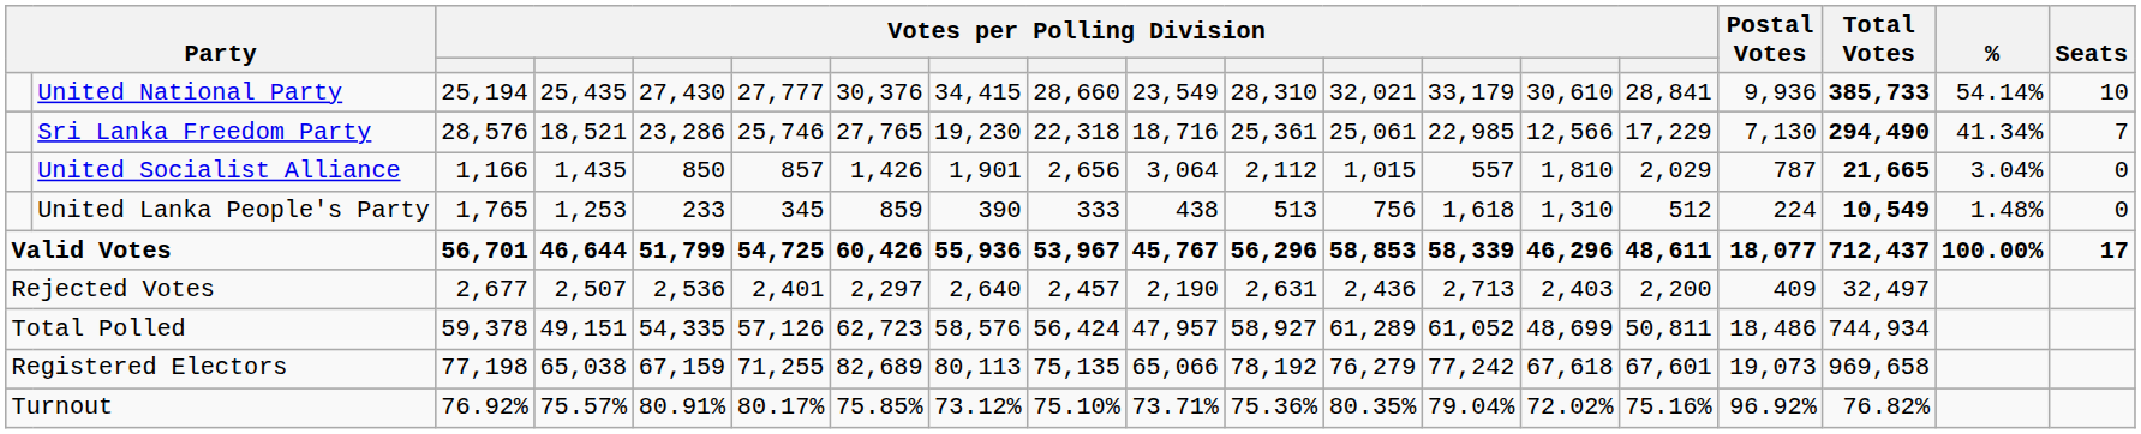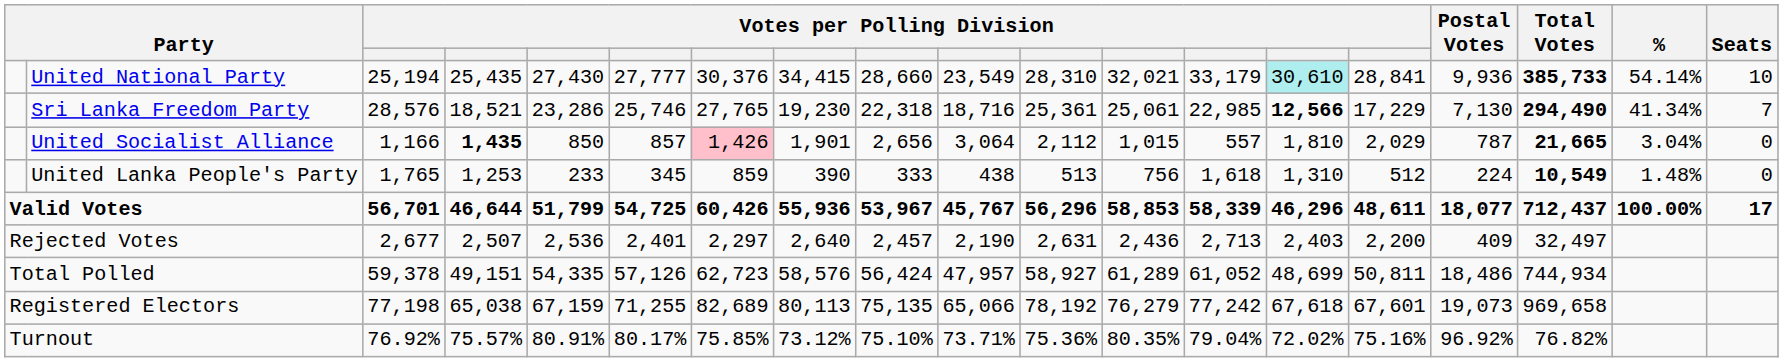 <table class="wikitable" border="1" style="text-align:right;">
 <tr>
 <th align=left valign=bottom rowspan=2 colspan=2 width="180">Party</th>
 <th colspan=13>Votes per Polling Division</th>
 <th align=center valign=bottom rowspan=2 width="50">Postal<br>Votes</th>
 <th align=center valign=bottom rowspan=2 width="50">Total Votes</th>
 <th align=center valign=bottom rowspan=2 width="50">%</th>
 <th align=center valign=bottom rowspan=2 width="40">Seats</th>
 </tr>
 <tr>
 <th></th>
 <th></th>
 <th></th>
 <th></th>
 <th></th>
 <th></th>
 <th></th>
 <th></th>
 <th></th>
 <th></th>
 <th></th>
 <th></th>
 <th></th>
 </tr>
 <tr>
 <td bgcolor=> </td>
 <td align=left><a href='#'>United National Party</a></td>
 <td>25,194</td>
 <td>25,435</td>
 <td>27,430</td>
 <td>27,777</td>
 <td>30,376</td>
 <td>34,415</td>
 <td>28,660</td>
 <td>23,549</td>
 <td>28,310</td>
 <td>32,021</td>
 <td>33,179</td>
-<td>30,610</td>
+<td style="background: paleturquoise;">30,610</td>
 <td>28,841</td>
 <td>9,936</td>
 <td><strong>385,733</strong></td>
 <td>54.14%</td>
 <td>10</td>
 </tr>
 <tr>
 <td bgcolor=> </td>
 <td align=left><a href='#'>Sri Lanka Freedom Party</a></td>
 <td>28,576</td>
 <td>18,521</td>
 <td>23,286</td>
 <td>25,746</td>
 <td>27,765</td>
 <td>19,230</td>
 <td>22,318</td>
 <td>18,716</td>
 <td>25,361</td>
 <td>25,061</td>
 <td>22,985</td>
-<td>12,566</td>
+<td><strong>12,566</strong></td>
 <td>17,229</td>
 <td>7,130</td>
 <td><strong>294,490</strong></td>
 <td>41.34%</td>
 <td>7</td>
 </tr>
 <tr>
 <td bgcolor=> </td>
 <td align=left><a href='#'>United Socialist Alliance</a></td>
 <td>1,166</td>
-<td>1,435</td>
+<td><strong>1,435</strong></td>
 <td>850</td>
 <td>857</td>
-<td>1,426</td>
+<td style="background: pink;">1,426</td>
 <td>1,901</td>
 <td>2,656</td>
 <td>3,064</td>
 <td>2,112</td>
 <td>1,015</td>
 <td>557</td>
 <td>1,810</td>
 <td>2,029</td>
 <td>787</td>
 <td><strong>21,665</strong></td>
 <td>3.04%</td>
 <td>0</td>
 </tr>
 <tr>
 <td bgcolor=> </td>
 <td align=left>United Lanka People's Party</td>
 <td>1,765</td>
 <td>1,253</td>
 <td>233</td>
 <td>345</td>
 <td>859</td>
 <td>390</td>
 <td>333</td>
 <td>438</td>
 <td>513</td>
 <td>756</td>
 <td>1,618</td>
 <td>1,310</td>
 <td>512</td>
 <td>224</td>
 <td><strong>10,549</strong></td>
 <td>1.48%</td>
 <td>0</td>
 </tr>
 <tr>
 <td align=left colspan="2"><strong>Valid Votes</strong></td>
 <td><strong>56,701</strong></td>
 <td><strong>46,644</strong></td>
 <td><strong>51,799</strong></td>
 <td><strong>54,725</strong></td>
 <td><strong>60,426</strong></td>
 <td><strong>55,936</strong></td>
 <td><strong>53,967</strong></td>
 <td><strong>45,767</strong></td>
 <td><strong>56,296</strong></td>
 <td><strong>58,853</strong></td>
 <td><strong>58,339</strong></td>
 <td><strong>46,296</strong></td>
 <td><strong>48,611</strong></td>
 <td><strong>18,077</strong></td>
 <td><strong>712,437</strong></td>
 <td><strong>100.00%</strong></td>
 <td><strong>17</strong></td>
 </tr>
 <tr>
 <td align=left colspan="2">Rejected Votes</td>
 <td>2,677</td>
 <td>2,507</td>
 <td>2,536</td>
 <td>2,401</td>
 <td>2,297</td>
 <td>2,640</td>
 <td>2,457</td>
 <td>2,190</td>
 <td>2,631</td>
 <td>2,436</td>
 <td>2,713</td>
 <td>2,403</td>
 <td>2,200</td>
 <td>409</td>
 <td>32,497</td>
 <td></td>
 <td></td>
 </tr>
 <tr>
 <td align=left colspan="2">Total Polled</td>
 <td>59,378</td>
 <td>49,151</td>
 <td>54,335</td>
 <td>57,126</td>
 <td>62,723</td>
 <td>58,576</td>
 <td>56,424</td>
 <td>47,957</td>
 <td>58,927</td>
 <td>61,289</td>
 <td>61,052</td>
 <td>48,699</td>
 <td>50,811</td>
 <td>18,486</td>
 <td>744,934</td>
 <td></td>
 <td></td>
 </tr>
 <tr>
 <td align=left colspan="2">Registered Electors</td>
 <td>77,198</td>
 <td>65,038</td>
 <td>67,159</td>
 <td>71,255</td>
 <td>82,689</td>
 <td>80,113</td>
 <td>75,135</td>
 <td>65,066</td>
 <td>78,192</td>
 <td>76,279</td>
 <td>77,242</td>
 <td>67,618</td>
 <td>67,601</td>
 <td>19,073</td>
 <td>969,658</td>
 <td></td>
 <td></td>
 </tr>
 <tr>
 <td align=left colspan="2">Turnout</td>
 <td>76.92%</td>
 <td>75.57%</td>
 <td>80.91%</td>
 <td>80.17%</td>
 <td>75.85%</td>
 <td>73.12%</td>
 <td>75.10%</td>
 <td>73.71%</td>
 <td>75.36%</td>
 <td>80.35%</td>
 <td>79.04%</td>
 <td>72.02%</td>
 <td>75.16%</td>
 <td>96.92%</td>
 <td>76.82%</td>
 <td></td>
 <td></td>
 </tr>
 </table>
